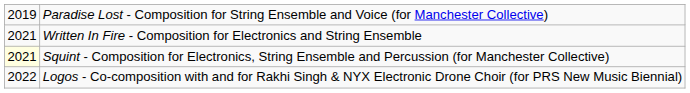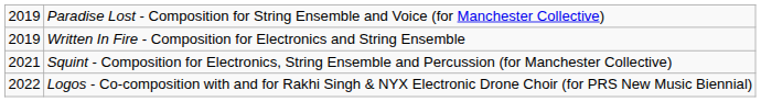 <table class="wikitable">
 <tr>
 <td>2019</td>
 <td><em>Paradise Lost</em> - Composition for String Ensemble and Voice (for <a href='#'>Manchester Collective</a>)</td>
 </tr>
 <tr>
-<td>2021</td>
+<td>2019</td>
 <td><em>Written In Fire</em> - Composition for Electronics and String Ensemble</td>
 </tr>
 <tr>
-<td style="background: lightyellow;">2021</td>
+<td>2021</td>
 <td><em>Squint</em> - Composition for Electronics, String Ensemble and Percussion (for Manchester Collective)</td>
 </tr>
 <tr>
 <td>2022</td>
 <td><em>Logos</em> - Co-composition with and for Rakhi Singh & NYX Electronic Drone Choir (for PRS New Music Biennial)</td>
 </tr>
 </table>
